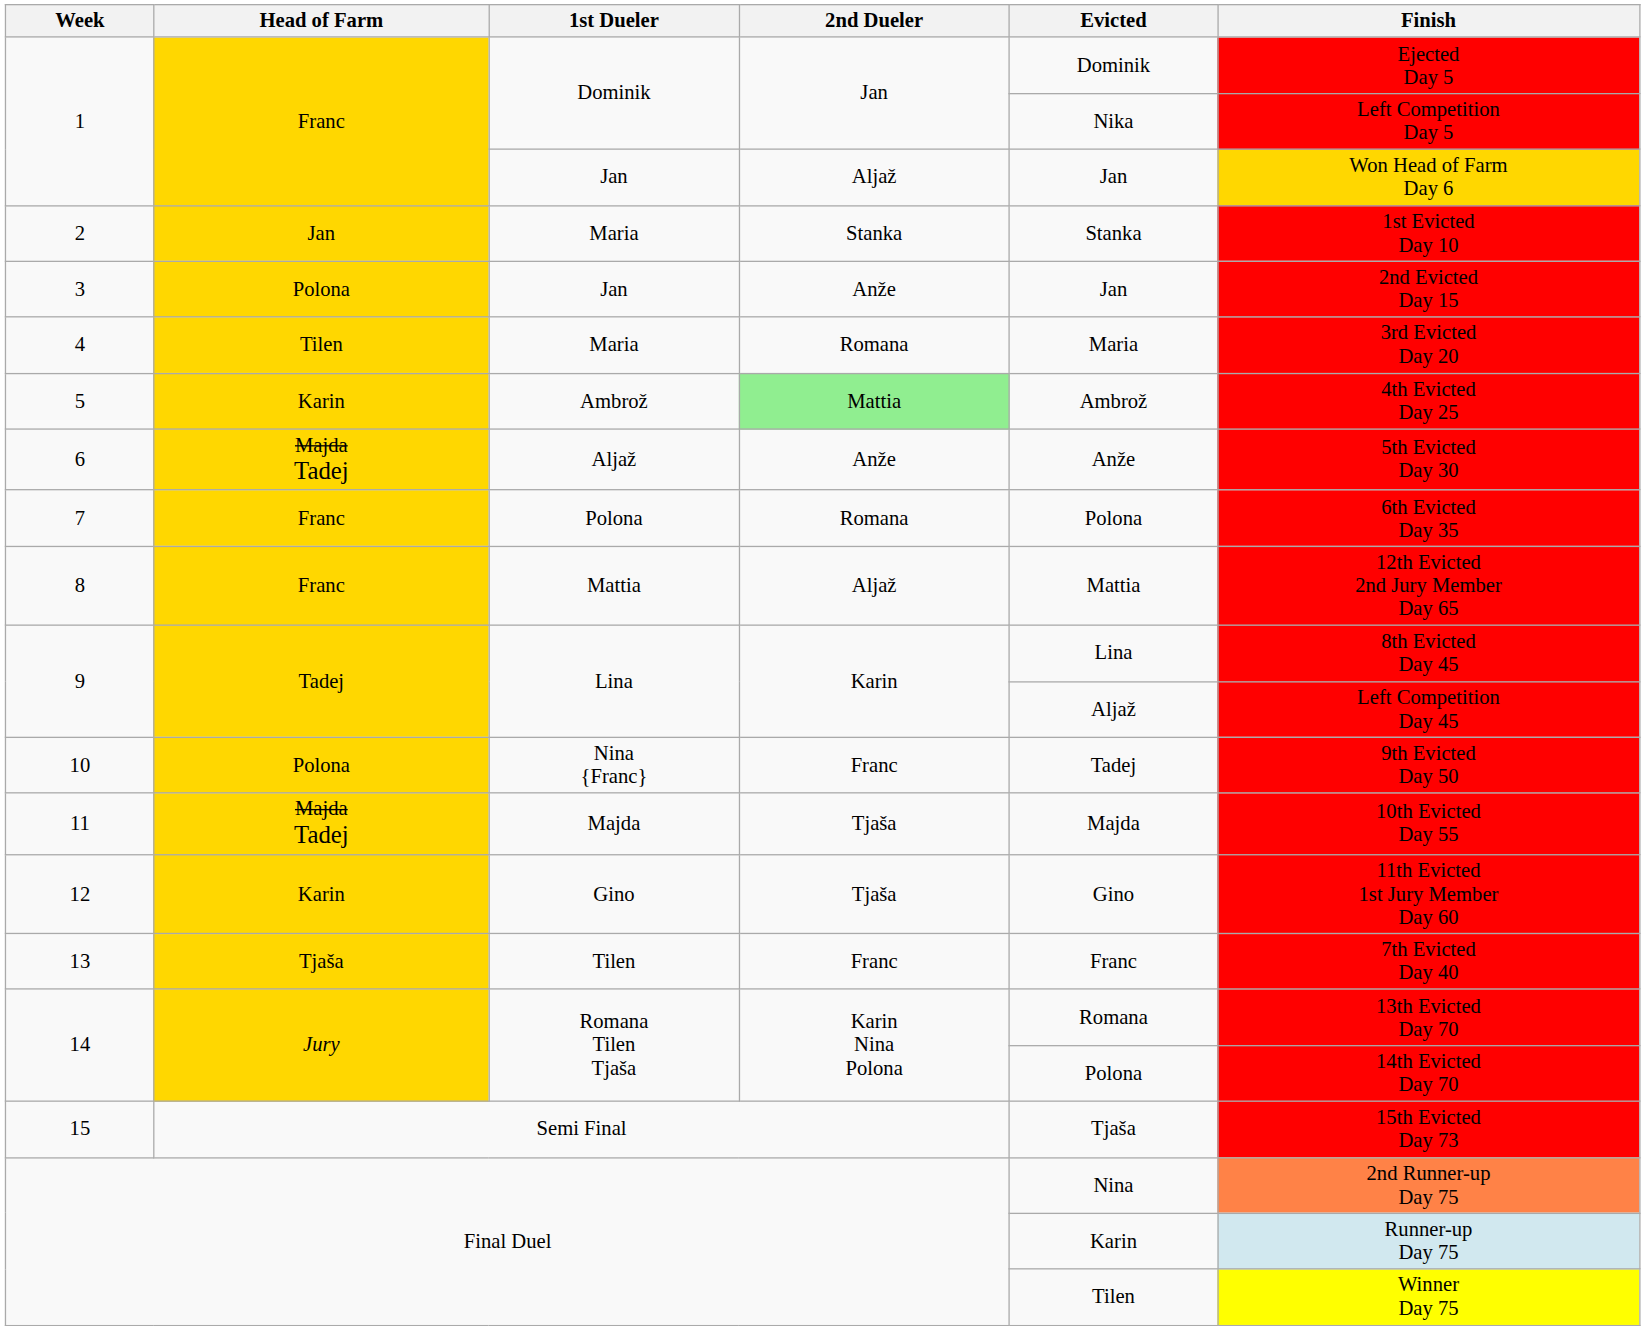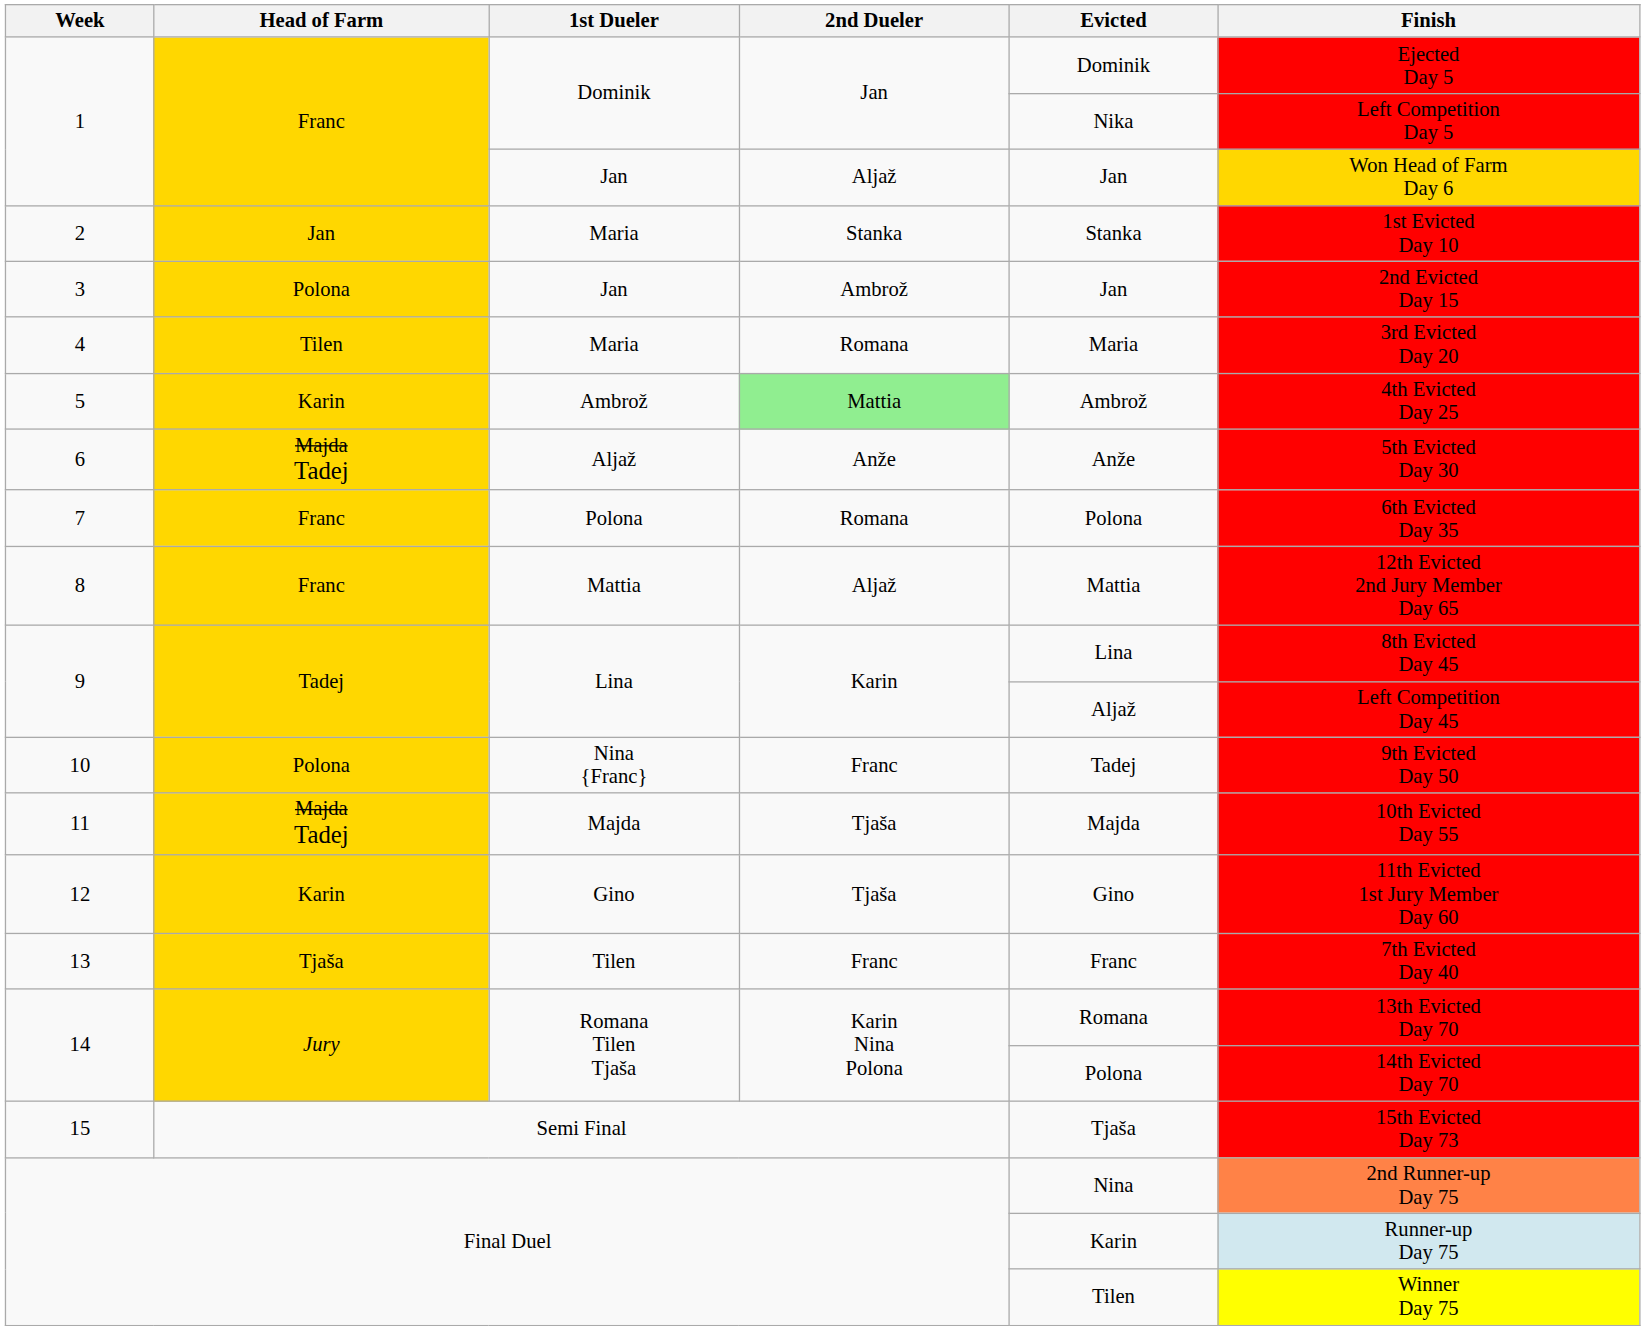 <table class="wikitable" style="font-size:100%; text-align:center; width: 80%; margin-left: auto; margin-right: auto;">
 <tr>
 <th>Week</th>
 <th>Head of Farm</th>
 <th>1st Dueler</th>
 <th>2nd Dueler</th>
 <th>Evicted</th>
 <th>Finish</th>
 </tr>
 <tr>
 <td rowspan="3">1</td>
 <td rowspan="3" style="background:gold;">Franc</td>
 <td rowspan="2">Dominik</td>
 <td rowspan="2">Jan</td>
 <td rowspan="1">Dominik</td>
 <td rowspan="1" style="background:#ff0000">Ejected<br>Day 5</td>
 </tr>
 <tr>
 <td rowdpan="1">Nika</td>
 <td rowspan="1" style="background:#ff0000">Left Competition<br>Day 5</td>
 </tr>
 <tr>
 <td rowspan="1">Jan</td>
 <td rowspan="1">Aljaž</td>
 <td rowspan="1">Jan</td>
 <td rowspan="1" style="background:gold;">Won Head of Farm<br>Day 6</td>
 </tr>
 <tr>
 <td>2</td>
 <td style="background:gold;">Jan</td>
 <td>Maria</td>
 <td>Stanka</td>
 <td>Stanka</td>
 <td style="background:#ff0000">1st Evicted<br>Day 10</td>
 </tr>
 <tr>
 <td>3</td>
 <td style="background:gold;">Polona</td>
 <td>Jan</td>
-<td>Anže</td>
+<td>Ambrož</td>
 <td>Jan</td>
 <td style="background:#ff0000">2nd Evicted<br>Day 15</td>
 </tr>
 <tr>
 <td>4</td>
 <td style="background:gold;">Tilen</td>
 <td>Maria</td>
 <td>Romana</td>
 <td>Maria</td>
 <td style="background:#ff0000">3rd Evicted<br>Day 20</td>
 </tr>
 <tr>
 <td>5</td>
 <td style="background:gold;">Karin</td>
 <td>Ambrož</td>
 <td style="background: lightgreen;">Mattia</td>
 <td>Ambrož</td>
 <td style="background:#ff0000">4th Evicted<br>Day 25</td>
 </tr>
 <tr>
 <td>6</td>
 <td style="background:gold;"><s>Majda</s><br><big>Tadej</big></td>
 <td>Aljaž</td>
 <td>Anže</td>
 <td>Anže</td>
 <td style="background:#ff0000">5th Evicted<br>Day 30</td>
 </tr>
 <tr>
 <td>7</td>
 <td style="background:gold;">Franc</td>
 <td>Polona</td>
 <td>Romana</td>
 <td>Polona</td>
 <td style="background:#ff0000">6th Evicted<br>Day 35</td>
 </tr>
 <tr>
 <td>8</td>
 <td style="background:gold;">Franc</td>
 <td>Mattia</td>
 <td>Aljaž</td>
 <td>Mattia</td>
 <td style="background:#ff0000">12th Evicted<br>2nd Jury Member<br>Day 65</td>
 </tr>
 <tr>
 <td rowspan="2">9</td>
 <td rowspan="2" style="background:gold;">Tadej</td>
 <td rowspan="2">Lina</td>
 <td rowspan="2">Karin</td>
 <td rowspan="1">Lina</td>
 <td rowspan="1" style="background:#ff0000">8th Evicted<br>Day 45</td>
 </tr>
 <tr>
 <td rowspan="1">Aljaž</td>
 <td rowspan="1" style="background:#ff0000">Left Competition<br>Day 45</td>
 </tr>
 <tr>
 <td>10</td>
 <td style="background:gold;">Polona</td>
 <td>Nina<br>{Franc}</td>
 <td>Franc</td>
 <td>Tadej</td>
 <td style="background:#ff0000">9th Evicted<br>Day 50</td>
 </tr>
 <tr>
 <td>11</td>
 <td style="background:gold;"><s>Majda</s><br><big>Tadej</big></td>
 <td>Majda</td>
 <td>Tjaša</td>
 <td>Majda</td>
 <td style="background:#ff0000">10th Evicted<br>Day 55</td>
 </tr>
 <tr>
 <td>12</td>
 <td style="background:gold;">Karin</td>
 <td>Gino</td>
 <td>Tjaša</td>
 <td>Gino</td>
 <td style="background:#ff0000">11th Evicted<br>1st Jury Member<br>Day 60</td>
 </tr>
 <tr>
 <td>13</td>
 <td style="background:gold;">Tjaša</td>
 <td>Tilen</td>
 <td>Franc</td>
 <td>Franc</td>
 <td style="background:#ff0000">7th Evicted<br>Day 40</td>
 </tr>
 <tr>
 <td rowspan="2">14</td>
 <td rowspan="2" style="background:gold;"><em>Jury</em></td>
 <td rowspan="2">Romana<br>Tilen<br>Tjaša</td>
 <td rowspan="2">Karin<br>Nina<br>Polona</td>
 <td rowspan="1">Romana</td>
 <td rowspan="1" style="background:#ff0000">13th Evicted<br>Day 70</td>
 </tr>
 <tr>
 <td rowspan="1">Polona</td>
 <td rowspan="1" style="background:#ff0000">14th Evicted<br>Day 70</td>
 </tr>
 <tr>
 <td>15</td>
 <td colspan="3" rowspan="1">Semi Final</td>
 <td>Tjaša</td>
 <td style="background:#ff0000">15th Evicted<br>Day 73</td>
 </tr>
 <tr>
 <td colspan="4" rowspan="3">Final Duel</td>
 <td rowspan="1">Nina</td>
 <td rowspan="1" style="background:#FF8247;">2nd Runner-up<br>Day 75</td>
 </tr>
 <tr>
 <td rowspan="1">Karin</td>
 <td rowspan="1" style="background:#D1E8EF">Runner-up<br>Day 75</td>
 </tr>
 <tr>
 <td rowspan="1">Tilen</td>
 <td rowspan="1" style="background:yellow">Winner<br>Day 75</td>
 </tr>
 </table>
